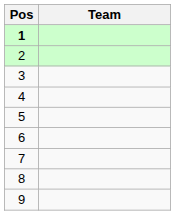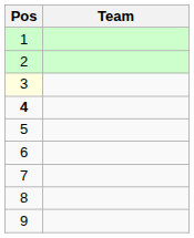 <table class="wikitable" style="text-align:center;">
 <tr>
 <th width="35">Pos</th>
 <th width="155">Team</th>
 </tr>
 <tr bgcolor="ccffcc">
-<td><strong>1</strong></td>
+<td>1</td>
 <td align="left"></td>
 </tr>
 <tr bgcolor="ccffcc">
 <td>2</td>
 <td align="left"></td>
 </tr>
 <tr>
-<td>3</td>
+<td style="background: lightyellow;">3</td>
 <td align="left"></td>
 </tr>
 <tr>
-<td>4</td>
+<td><strong>4</strong></td>
 <td align="left"></td>
 </tr>
 <tr>
 <td>5</td>
 <td align="left"></td>
 </tr>
 <tr>
 <td>6</td>
 <td align="left"></td>
 </tr>
 <tr>
 <td>7</td>
 <td align="left"></td>
 </tr>
 <tr>
 <td>8</td>
 <td align="left"></td>
 </tr>
 <tr>
 <td>9</td>
 <td align="left"></td>
 </tr>
 </table>
